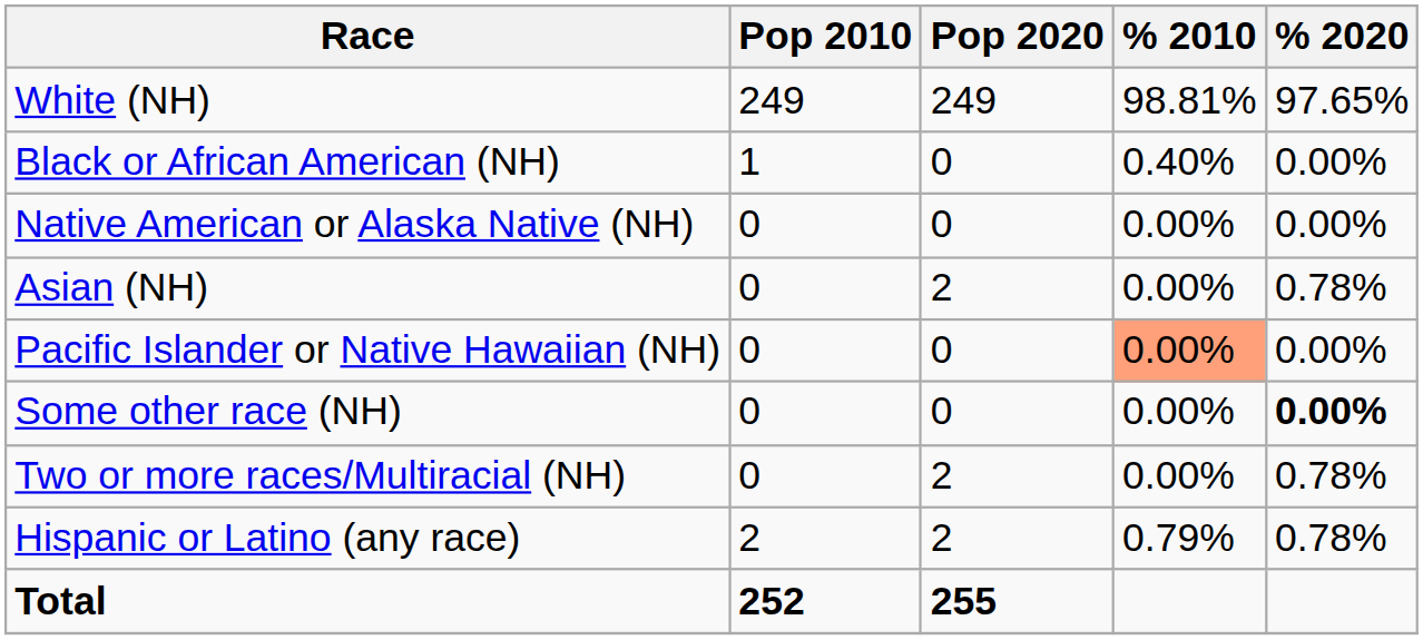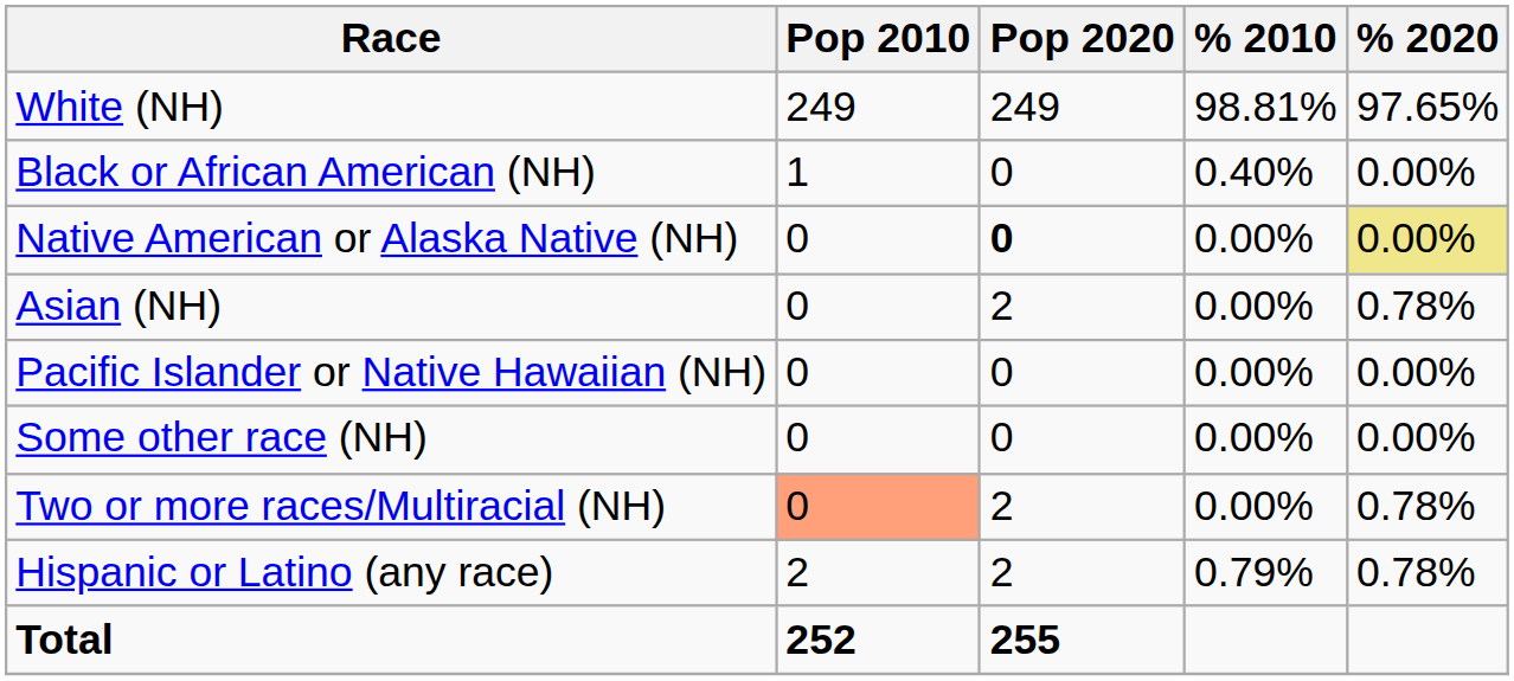 <table class="wikitable">
 <tr>
 <th>Race</th>
 <th>Pop 2010</th>
 <th>Pop 2020</th>
 <th>% 2010</th>
 <th>% 2020</th>
 </tr>
 <tr>
 <td><a href='#'>White</a> (NH)</td>
 <td>249</td>
 <td>249</td>
 <td>98.81%</td>
 <td>97.65%</td>
 </tr>
 <tr>
 <td><a href='#'>Black or African American</a> (NH)</td>
 <td>1</td>
 <td>0</td>
 <td>0.40%</td>
 <td>0.00%</td>
 </tr>
 <tr>
 <td><a href='#'>Native American</a> or <a href='#'>Alaska Native</a> (NH)</td>
 <td>0</td>
-<td>0</td>
+<td><strong>0</strong></td>
 <td>0.00%</td>
-<td>0.00%</td>
+<td style="background: khaki;">0.00%</td>
 </tr>
 <tr>
 <td><a href='#'>Asian</a> (NH)</td>
 <td>0</td>
 <td>2</td>
 <td>0.00%</td>
 <td>0.78%</td>
 </tr>
 <tr>
 <td><a href='#'>Pacific Islander</a> or <a href='#'>Native Hawaiian</a> (NH)</td>
 <td>0</td>
 <td>0</td>
-<td style="background: lightsalmon;">0.00%</td>
+<td>0.00%</td>
 <td>0.00%</td>
 </tr>
 <tr>
 <td><a href='#'>Some other race</a> (NH)</td>
 <td>0</td>
 <td>0</td>
 <td>0.00%</td>
-<td><strong>0.00%</strong></td>
+<td>0.00%</td>
 </tr>
 <tr>
 <td><a href='#'>Two or more races/Multiracial</a> (NH)</td>
-<td>0</td>
+<td style="background: lightsalmon;">0</td>
 <td>2</td>
 <td>0.00%</td>
 <td>0.78%</td>
 </tr>
 <tr>
 <td><a href='#'>Hispanic or Latino</a> (any race)</td>
 <td>2</td>
 <td>2</td>
 <td>0.79%</td>
 <td>0.78%</td>
 </tr>
 <tr>
 <td><strong>Total</strong></td>
 <td><strong>252</strong></td>
 <td><strong>255</strong></td>
 <td></td>
 <td></td>
 </tr>
 <tr>
 </tr>
 </table>
